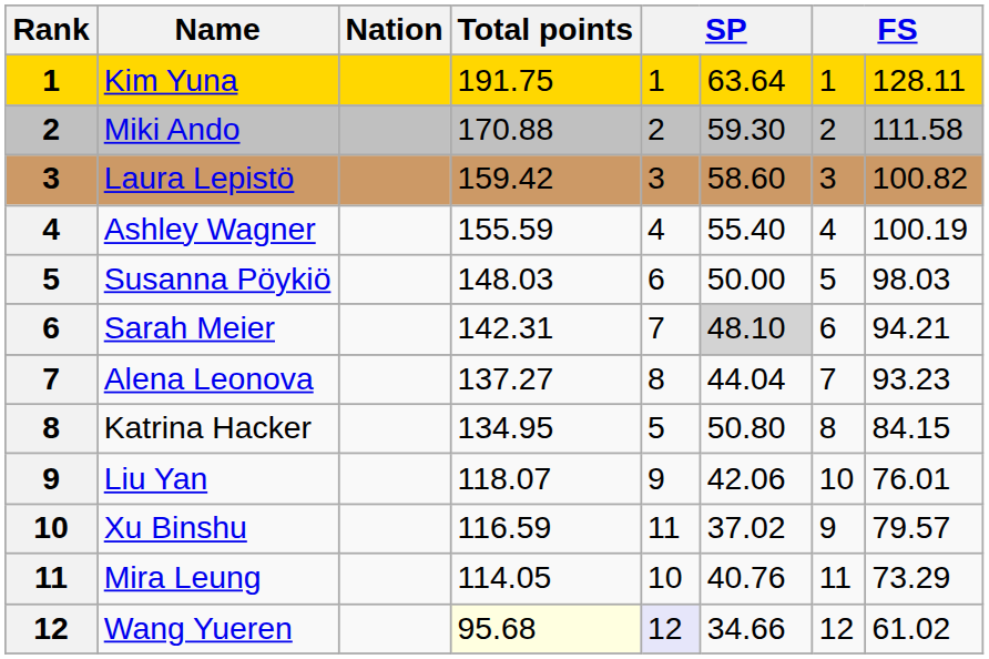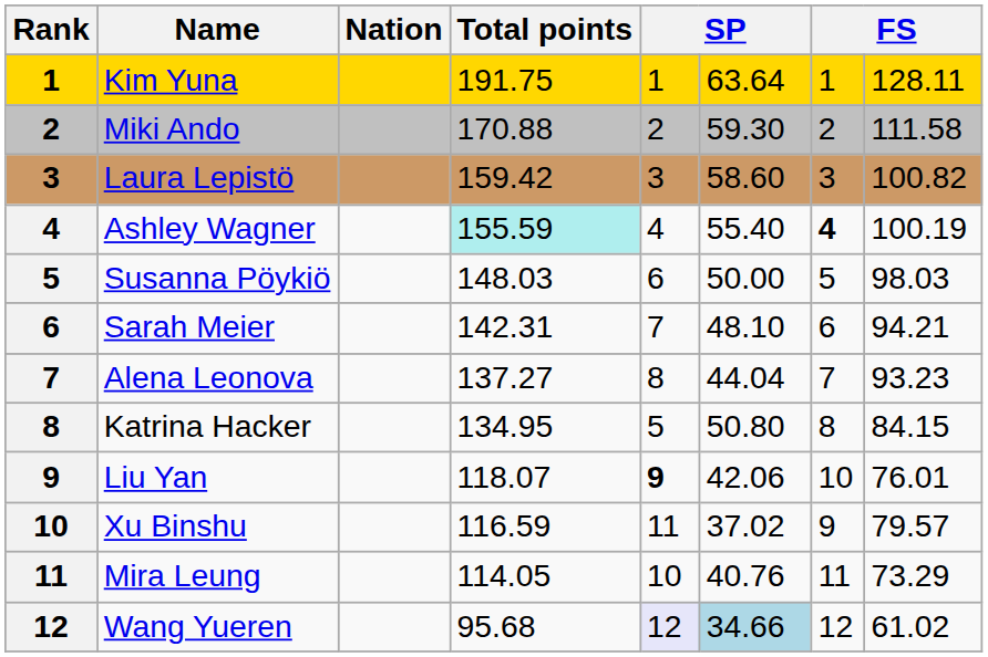 <table class="wikitable">
 <tr>
 <th>Rank</th>
 <th>Name</th>
 <th>Nation</th>
 <th>Total points</th>
 <th colspan="2" width="80px"><a href='#'>SP</a></th>
 <th colspan="2" width="80px"><a href='#'>FS</a></th>
 </tr>
 <tr bgcolor="gold">
 <td align="center"><strong>1</strong></td>
 <td><a href='#'>Kim Yuna</a></td>
 <td></td>
 <td>191.75</td>
 <td>1</td>
 <td>63.64</td>
 <td>1</td>
 <td>128.11</td>
 </tr>
 <tr bgcolor="silver">
 <td align="center"><strong>2</strong></td>
 <td><a href='#'>Miki Ando</a></td>
 <td></td>
 <td>170.88</td>
 <td>2</td>
 <td>59.30</td>
 <td>2</td>
 <td>111.58</td>
 </tr>
 <tr bgcolor="cc9966">
 <td align="center"><strong>3</strong></td>
 <td><a href='#'>Laura Lepistö</a></td>
 <td></td>
 <td>159.42</td>
 <td>3</td>
 <td>58.60</td>
 <td>3</td>
 <td>100.82</td>
 </tr>
 <tr>
 <th>4</th>
 <td><a href='#'>Ashley Wagner</a></td>
 <td></td>
-<td>155.59</td>
+<td style="background: paleturquoise;">155.59</td>
 <td>4</td>
 <td>55.40</td>
-<td>4</td>
+<td><strong>4</strong></td>
 <td>100.19</td>
 </tr>
 <tr>
 <th>5</th>
 <td><a href='#'>Susanna Pöykiö</a></td>
 <td></td>
 <td>148.03</td>
 <td>6</td>
 <td>50.00</td>
 <td>5</td>
 <td>98.03</td>
 </tr>
 <tr>
 <th>6</th>
 <td><a href='#'>Sarah Meier</a></td>
 <td></td>
 <td>142.31</td>
 <td>7</td>
-<td style="background: lightgrey;">48.10</td>
+<td>48.10</td>
 <td>6</td>
 <td>94.21</td>
 </tr>
 <tr>
 <th>7</th>
 <td><a href='#'>Alena Leonova</a></td>
 <td></td>
 <td>137.27</td>
 <td>8</td>
 <td>44.04</td>
 <td>7</td>
 <td>93.23</td>
 </tr>
 <tr>
 <th>8</th>
 <td>Katrina Hacker</td>
 <td></td>
 <td>134.95</td>
 <td>5</td>
 <td>50.80</td>
 <td>8</td>
 <td>84.15</td>
 </tr>
 <tr>
 <th>9</th>
 <td><a href='#'>Liu Yan</a></td>
 <td></td>
 <td>118.07</td>
-<td>9</td>
+<td><strong>9</strong></td>
 <td>42.06</td>
 <td>10</td>
 <td>76.01</td>
 </tr>
 <tr>
 <th>10</th>
 <td><a href='#'>Xu Binshu</a></td>
 <td></td>
 <td>116.59</td>
 <td>11</td>
 <td>37.02</td>
 <td>9</td>
 <td>79.57</td>
 </tr>
 <tr>
 <th>11</th>
 <td><a href='#'>Mira Leung</a></td>
 <td></td>
 <td>114.05</td>
 <td>10</td>
 <td>40.76</td>
 <td>11</td>
 <td>73.29</td>
 </tr>
 <tr>
 <th>12</th>
 <td><a href='#'>Wang Yueren</a></td>
 <td></td>
-<td style="background: lightyellow;">95.68</td>
+<td>95.68</td>
 <td style="background: lavender;">12</td>
-<td>34.66</td>
+<td style="background: lightblue;">34.66</td>
 <td>12</td>
 <td>61.02</td>
 </tr>
 </table>
